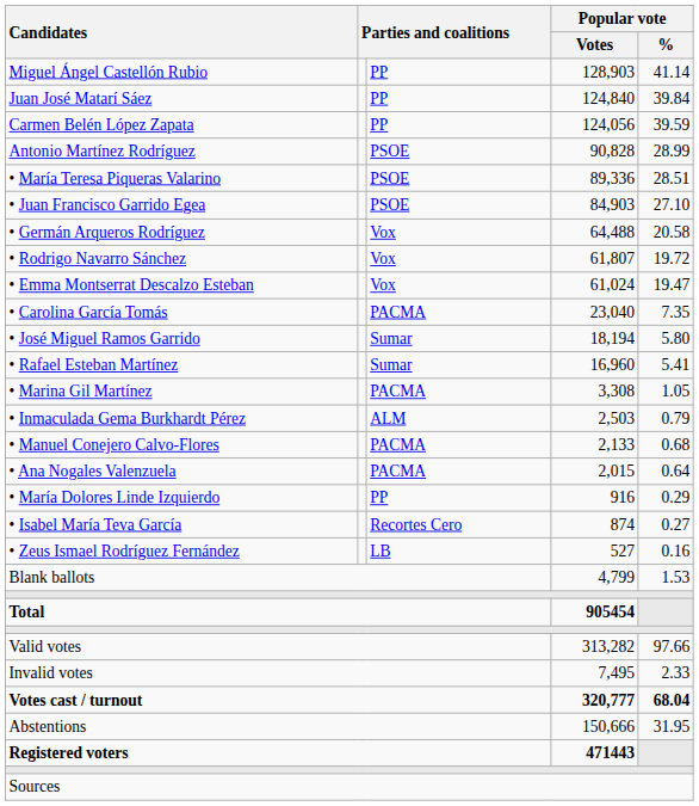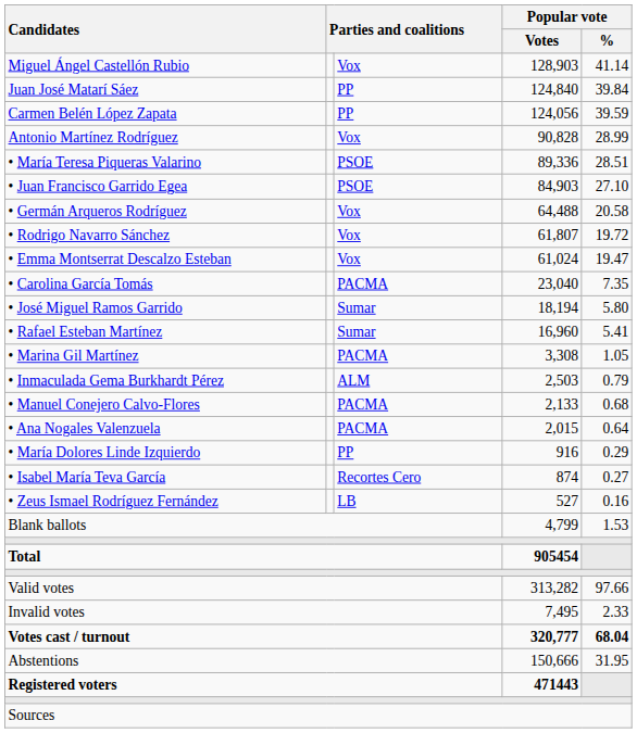 <table class="wikitable" style="text-align:right; font-size:95%;">
 <tr>
 <th style="text-align:left;" rowspan="2" width="325">Candidates</th>
 <th style="text-align:left;" rowspan="2" colspan="2" width="175">Parties and coalitions</th>
 <th colspan="2">Popular vote</th>
 </tr>
 <tr>
 <th width="75">Votes</th>
 <th width="45">%</th>
 </tr>
 <tr>
 <td align="left"> <a href='#'>Miguel Ángel Castellón Rubio</a></td>
 <td width="1" style="color:inherit;background:"></td>
-<td align="left"><a href='#'>PP</a></td>
+<td align="left"><a href='#'>Vox</a></td>
 <td>128,903</td>
 <td>41.14</td>
 </tr>
 <tr>
 <td align="left"> <a href='#'>Juan José Matarí Sáez</a></td>
 <td width="1" style="color:inherit;background:"></td>
 <td align="left"><a href='#'>PP</a></td>
 <td>124,840</td>
 <td>39.84</td>
 </tr>
 <tr>
 <td align="left"> <a href='#'>Carmen Belén López Zapata</a></td>
 <td width="1" style="color:inherit;background:"></td>
 <td align="left"><a href='#'>PP</a></td>
 <td>124,056</td>
 <td>39.59</td>
 </tr>
 <tr>
 <td align="left"> <a href='#'>Antonio Martínez Rodríguez</a></td>
 <td width="1" style="color:inherit;background:"></td>
-<td align="left"><a href='#'>PSOE</a></td>
+<td align="left"><a href='#'>Vox</a></td>
 <td>90,828</td>
 <td>28.99</td>
 </tr>
 <tr>
 <td align="left">• <a href='#'>María Teresa Piqueras Valarino</a></td>
 <td width="1" style="color:inherit;background:"></td>
 <td align="left"><a href='#'>PSOE</a></td>
 <td>89,336</td>
 <td>28.51</td>
 </tr>
 <tr>
 <td align="left">• <a href='#'>Juan Francisco Garrido Egea</a></td>
 <td width="1" style="color:inherit;background:"></td>
 <td align="left"><a href='#'>PSOE</a></td>
 <td>84,903</td>
 <td>27.10</td>
 </tr>
 <tr>
 <td align="left">• <a href='#'>Germán Arqueros Rodríguez</a></td>
 <td width="1" style="color:inherit;background:"></td>
 <td align="left"><a href='#'>Vox</a></td>
 <td>64,488</td>
 <td>20.58</td>
 </tr>
 <tr>
 <td align="left">• <a href='#'>Rodrigo Navarro Sánchez</a></td>
 <td width="1" style="color:inherit;background:"></td>
 <td align="left"><a href='#'>Vox</a></td>
 <td>61,807</td>
 <td>19.72</td>
 </tr>
 <tr>
 <td align="left">• <a href='#'>Emma Montserrat Descalzo Esteban</a></td>
 <td width="1" style="color:inherit;background:"></td>
 <td align="left"><a href='#'>Vox</a></td>
 <td>61,024</td>
 <td>19.47</td>
 </tr>
 <tr>
 <td align="left">• <a href='#'>Carolina García Tomás</a></td>
 <td width="1" style="color:inherit;background:"></td>
 <td align="left"><a href='#'>PACMA</a></td>
 <td>23,040</td>
 <td>7.35</td>
 </tr>
 <tr>
 <td align="left">• <a href='#'>José Miguel Ramos Garrido</a></td>
 <td width="1" style="color:inherit;background:"></td>
 <td align="left"><a href='#'>Sumar</a></td>
 <td>18,194</td>
 <td>5.80</td>
 </tr>
 <tr>
 <td align="left">• <a href='#'>Rafael Esteban Martínez</a></td>
 <td width="1" style="color:inherit;background:"></td>
 <td align="left"><a href='#'>Sumar</a></td>
 <td>16,960</td>
 <td>5.41</td>
 </tr>
 <tr>
 <td align="left">• <a href='#'>Marina Gil Martínez</a></td>
 <td width="1" style="color:inherit;background:"></td>
 <td align="left"><a href='#'>PACMA</a></td>
 <td>3,308</td>
 <td>1.05</td>
 </tr>
 <tr>
 <td align="left">• <a href='#'>Inmaculada Gema Burkhardt Pérez</a></td>
 <td width="1" style="color:inherit;background:"></td>
 <td align="left"><a href='#'>ALM</a></td>
 <td>2,503</td>
 <td>0.79</td>
 </tr>
 <tr>
 <td align="left">• <a href='#'>Manuel Conejero Calvo-Flores</a></td>
 <td width="1" style="color:inherit;background:"></td>
 <td align="left"><a href='#'>PACMA</a></td>
 <td>2,133</td>
 <td>0.68</td>
 </tr>
 <tr>
 <td align="left">• <a href='#'>Ana Nogales Valenzuela</a></td>
 <td width="1" style="color:inherit;background:"></td>
 <td align="left"><a href='#'>PACMA</a></td>
 <td>2,015</td>
 <td>0.64</td>
 </tr>
 <tr>
 <td align="left">• <a href='#'>María Dolores Linde Izquierdo</a></td>
 <td width="1" style="color:inherit;background:"></td>
 <td align="left"><a href='#'>PP</a></td>
 <td>916</td>
 <td>0.29</td>
 </tr>
 <tr>
 <td align="left">• <a href='#'>Isabel María Teva García</a></td>
 <td width="1" style="color:inherit;background:"></td>
 <td align="left"><a href='#'>Recortes Cero</a></td>
 <td>874</td>
 <td>0.27</td>
 </tr>
 <tr>
 <td align="left">• <a href='#'>Zeus Ismael Rodríguez Fernández</a></td>
 <td width="1" style="color:inherit;background:"></td>
 <td align="left"><a href='#'>LB</a></td>
 <td>527</td>
 <td>0.16</td>
 </tr>
 <tr>
 <td align="left" colspan="3">Blank ballots</td>
 <td>4,799</td>
 <td>1.53</td>
 </tr>
 <tr>
 <td colspan="5" bgcolor="#E9E9E9"></td>
 </tr>
 <tr style="font-weight:bold;">
 <td align="left" colspan="3">Total</td>
 <td>905454</td>
 <td bgcolor="#E9E9E9"></td>
 </tr>
 <tr>
 <td colspan="5" bgcolor="#E9E9E9"></td>
 </tr>
 <tr>
 <td align="left" colspan="3">Valid votes</td>
 <td>313,282</td>
 <td>97.66</td>
 </tr>
 <tr>
 <td align="left" colspan="3">Invalid votes</td>
 <td>7,495</td>
 <td>2.33</td>
 </tr>
 <tr style="font-weight:bold;">
 <td align="left" colspan="3">Votes cast / turnout</td>
 <td>320,777</td>
 <td>68.04</td>
 </tr>
 <tr>
 <td align="left" colspan="3">Abstentions</td>
 <td>150,666</td>
 <td>31.95</td>
 </tr>
 <tr style="font-weight:bold;">
 <td align="left" colspan="3">Registered voters</td>
 <td>471443</td>
 <td bgcolor="#E9E9E9"></td>
 </tr>
 <tr>
 <td colspan="5" bgcolor="#E9E9E9"></td>
 </tr>
 <tr>
 <td align="left" colspan="5">Sources</td>
 </tr>
 </table>
